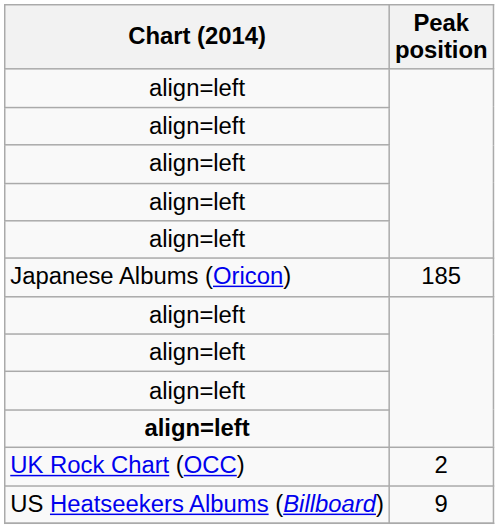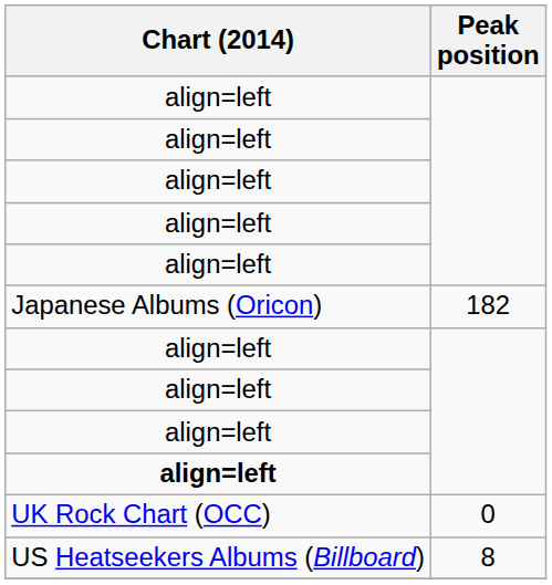 <table class="wikitable sortable plainrowheaders" style="text-align:center;">
 <tr>
 <th scope="col">Chart (2014)</th>
 <th scope="col">Peak<br>position</th>
 </tr>
 <tr>
 <td>align=left </td>
 </tr>
 <tr>
 <td>align=left </td>
 </tr>
 <tr>
 <td>align=left </td>
 </tr>
 <tr>
 <td>align=left </td>
 </tr>
 <tr>
 <td>align=left </td>
 </tr>
 <tr>
 <td align=left>Japanese Albums (<a href='#'>Oricon</a>)</td>
-<td>185</td>
+<td>182</td>
 </tr>
 <tr>
 <td>align=left </td>
 </tr>
 <tr>
 <td>align=left </td>
 </tr>
 <tr>
 <td>align=left </td>
 </tr>
 <tr>
 <td><strong>align=left </strong></td>
 </tr>
 <tr>
 <td align=left><a href='#'>UK Rock Chart</a> (<a href='#'>OCC</a>)</td>
-<td>2</td>
+<td>0</td>
 </tr>
 <tr>
 <td align=left>US <a href='#'>Heatseekers Albums</a> (<em><a href='#'>Billboard</a></em>)</td>
-<td>9</td>
+<td>8</td>
 </tr>
 <tr>
 </tr>
 </table>
